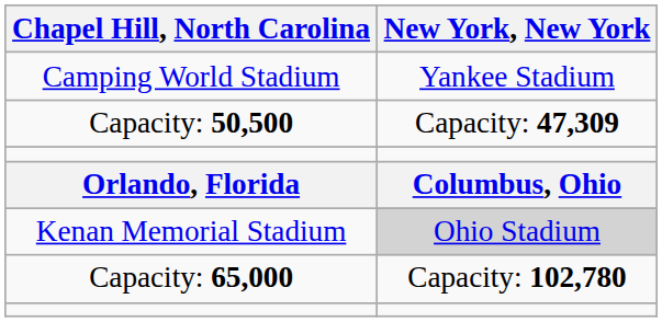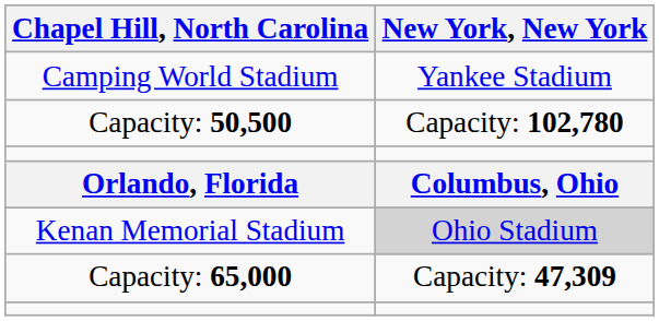 <table class="wikitable" style="text-align:center">
 <tr>
 <th><a href='#'>Chapel Hill</a>, <a href='#'>North Carolina</a></th>
 <th><a href='#'>New York</a>, <a href='#'>New York</a></th>
 </tr>
 <tr>
 <td><a href='#'>Camping World Stadium</a></td>
 <td><a href='#'>Yankee Stadium</a></td>
 </tr>
 <tr>
 <td>Capacity: <strong>50,500</strong></td>
-<td>Capacity: <strong>47,309</strong></td>
+<td>Capacity: <strong>102,780</strong></td>
 </tr>
 <tr>
 <td></td>
 <td></td>
 </tr>
 <tr>
 <th><a href='#'>Orlando</a>, <a href='#'>Florida</a></th>
 <th><a href='#'>Columbus</a>, <a href='#'>Ohio</a></th>
 </tr>
 <tr>
 <td><a href='#'>Kenan Memorial Stadium</a></td>
 <td style="background: lightgrey;"><a href='#'>Ohio Stadium</a></td>
 </tr>
 <tr>
 <td>Capacity: <strong>65,000</strong></td>
-<td>Capacity: <strong>102,780</strong></td>
+<td>Capacity: <strong>47,309</strong></td>
 </tr>
 <tr>
 <td></td>
 <td></td>
 </tr>
 </table>
